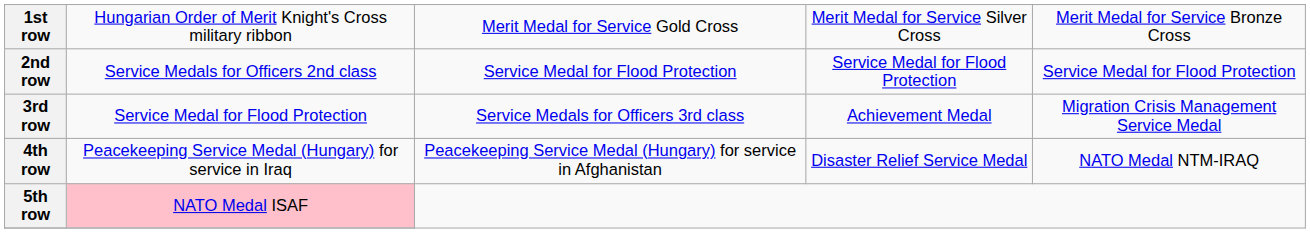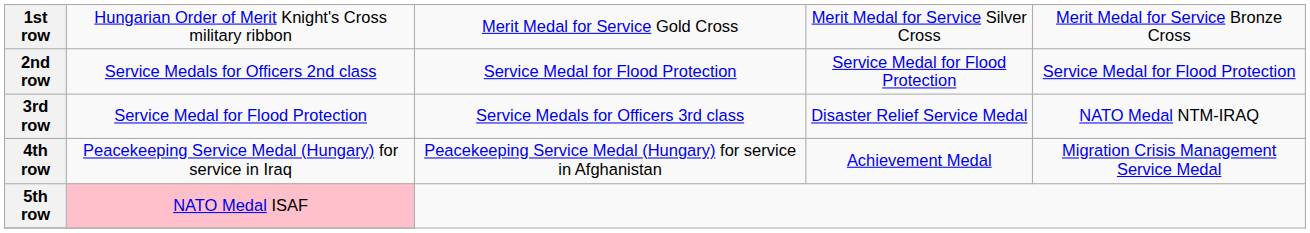 <table class="wikitable" style="margin:1em auto; text-align:center;">
 <tr>
 <th>1st row</th>
 <td><a href='#'>Hungarian Order of Merit</a> Knight's Cross military ribbon</td>
 <td><a href='#'>Merit Medal for Service</a> Gold Cross</td>
 <td><a href='#'>Merit Medal for Service</a> Silver Cross</td>
 <td><a href='#'>Merit Medal for Service</a> Bronze Cross</td>
 </tr>
 <tr>
 <th>2nd row</th>
 <td><a href='#'>Service Medals for Officers 2nd class</a></td>
 <td><a href='#'>Service Medal for Flood Protection</a></td>
 <td><a href='#'>Service Medal for Flood Protection</a></td>
 <td><a href='#'>Service Medal for Flood Protection</a></td>
 </tr>
 <tr>
 <th>3rd row</th>
 <td><a href='#'>Service Medal for Flood Protection</a></td>
 <td><a href='#'>Service Medals for Officers 3rd class</a></td>
-<td><a href='#'>Achievement Medal</a></td>
-<td><a href='#'>Migration Crisis Management Service Medal</a></td>
+<td><a href='#'>Disaster Relief Service Medal</a></td>
+<td><a href='#'>NATO Medal</a> NTM-IRAQ</td>
 </tr>
 <tr>
 <th>4th row</th>
 <td><a href='#'>Peacekeeping Service Medal (Hungary)</a> for service in Iraq</td>
 <td><a href='#'>Peacekeeping Service Medal (Hungary)</a> for service in Afghanistan</td>
-<td><a href='#'>Disaster Relief Service Medal</a></td>
-<td><a href='#'>NATO Medal</a> NTM-IRAQ</td>
+<td><a href='#'>Achievement Medal</a></td>
+<td><a href='#'>Migration Crisis Management Service Medal</a></td>
 </tr>
 <tr>
 <th>5th row</th>
 <td style="background: pink;"><a href='#'>NATO Medal</a> ISAF</td>
 </tr>
 <tr>
 </tr>
 </table>
